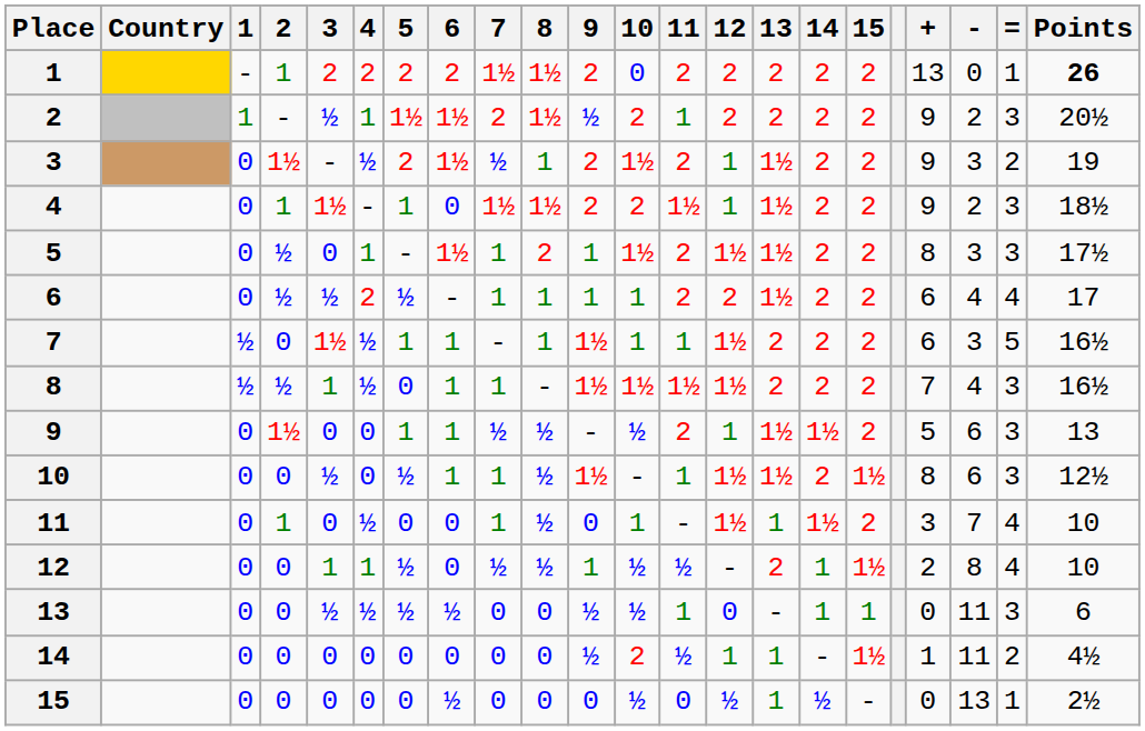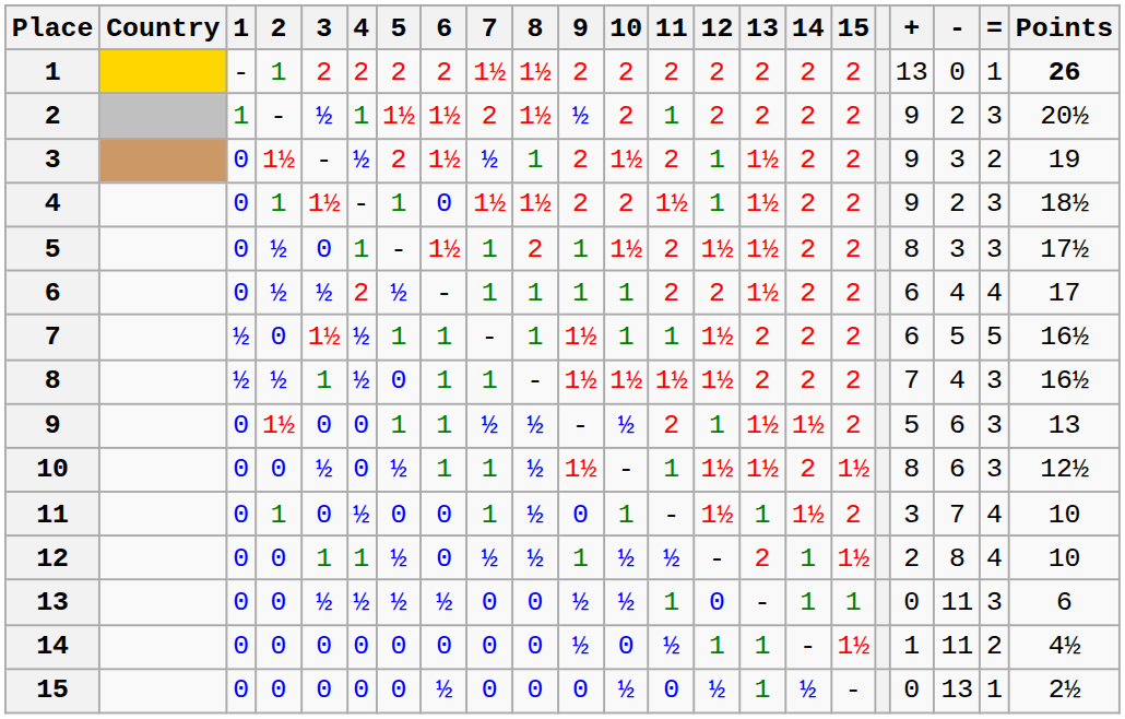 <table class="wikitable" style="text-align:center">
 <tr>
 <th>Place</th>
 <th>Country</th>
 <th>1</th>
 <th>2</th>
 <th>3</th>
 <th>4</th>
 <th>5</th>
 <th>6</th>
 <th>7</th>
 <th>8</th>
 <th>9</th>
 <th>10</th>
 <th>11</th>
 <th>12</th>
 <th>13</th>
 <th>14</th>
 <th>15</th>
 <th></th>
 <th>+</th>
 <th>-</th>
 <th>=</th>
 <th>Points</th>
 </tr>
 <tr>
 <th>1</th>
 <td align=left bgcolor="gold"></td>
 <td>-</td>
 <td style="color: green;">1</td>
 <td style="color: red;">2</td>
 <td style="color: red;">2</td>
 <td style="color: red;">2</td>
 <td style="color: red;">2</td>
 <td style="color: red;">1½</td>
 <td style="color: red;">1½</td>
 <td style="color: red;">2</td>
-<td style="color: blue;">0</td>
+<td style="color: red;">2</td>
 <td style="color: red;">2</td>
 <td style="color: red;">2</td>
 <td style="color: red;">2</td>
 <td style="color: red;">2</td>
 <td style="color: red;">2</td>
 <th></th>
 <td>13</td>
 <td>0</td>
 <td>1</td>
 <td align=center><strong>26</strong></td>
 </tr>
 <tr>
 <th>2</th>
 <td align=left bgcolor="silver"></td>
 <td style="color: green">1</td>
 <td>-</td>
 <td style="color: blue">½</td>
 <td style="color: green">1</td>
 <td style="color: red">1½</td>
 <td style="color: red">1½</td>
 <td style="color: red">2</td>
 <td style="color: red">1½</td>
 <td style="color: blue">½</td>
 <td style="color: red">2</td>
 <td style="color: green">1</td>
 <td style="color: red">2</td>
 <td style="color: red">2</td>
 <td style="color: red">2</td>
 <td style="color: red">2</td>
 <th></th>
 <td>9</td>
 <td>2</td>
 <td>3</td>
 <td align=center>20½</td>
 </tr>
 <tr>
 <th>3</th>
 <td align=left bgcolor="CC9966"></td>
 <td style="color: blue">0</td>
 <td style="color: red">1½</td>
 <td>-</td>
 <td style="color: blue">½</td>
 <td style="color: red">2</td>
 <td style="color: red">1½</td>
 <td style="color: blue">½</td>
 <td style="color: green">1</td>
 <td style="color: red">2</td>
 <td style="color: red">1½</td>
 <td style="color: red">2</td>
 <td style="color: green">1</td>
 <td style="color: red">1½</td>
 <td style="color: red">2</td>
 <td style="color: red">2</td>
 <th></th>
 <td>9</td>
 <td>3</td>
 <td>2</td>
 <td align=center>19</td>
 </tr>
 <tr>
 <th>4</th>
 <td align=left></td>
 <td style="color: blue;">0</td>
 <td style="color: green">1</td>
 <td style="color: red;">1½</td>
 <td>-</td>
 <td style="color: green;">1</td>
 <td style="color: blue">0</td>
 <td style="color: red;">1½</td>
 <td style="color: red;">1½</td>
 <td style="color: red">2</td>
 <td style="color: red;">2</td>
 <td style="color: red;">1½</td>
 <td style="color: green">1</td>
 <td style="color: red;">1½</td>
 <td style="color: red;">2</td>
 <td style="color: red">2</td>
 <th></th>
 <td>9</td>
 <td>2</td>
 <td>3</td>
 <td align=center>18½</td>
 </tr>
 <tr>
 <th>5</th>
 <td align=left></td>
 <td style="color: blue;">0</td>
 <td style="color: blue;">½</td>
 <td style="color: blue;">0</td>
 <td style="color: green;">1</td>
 <td>-</td>
 <td style="color: red;">1½</td>
 <td style="color: green;">1</td>
 <td style="color: red;">2</td>
 <td style="color: green;">1</td>
 <td style="color: red;">1½</td>
 <td style="color: red;">2</td>
 <td style="color: red;">1½</td>
 <td style="color: red;">1½</td>
 <td style="color: red;">2</td>
 <td style="color: red;">2</td>
 <th></th>
 <td>8</td>
 <td>3</td>
 <td>3</td>
 <td align=center>17½</td>
 </tr>
 <tr>
 <th>6</th>
 <td align=left></td>
 <td style="color: blue;">0</td>
 <td style="color: blue;">½</td>
 <td style="color: blue;">½</td>
 <td style="color: red">2</td>
 <td style="color: blue;">½</td>
 <td>-</td>
 <td style="color: green">1</td>
 <td style="color: green;">1</td>
 <td style="color: green;">1</td>
 <td style="color: green;">1</td>
 <td style="color: red;">2</td>
 <td style="color: red;">2</td>
 <td style="color: red;">1½</td>
 <td style="color: red;">2</td>
 <td style="color: red;">2</td>
 <th></th>
 <td>6</td>
 <td>4</td>
 <td>4</td>
 <td align=center>17</td>
 </tr>
 <tr>
 <th>7</th>
 <td align=left></td>
 <td style="color: blue">½</td>
 <td style="color: blue;">0</td>
 <td style="color: red;">1½</td>
 <td style="color: blue;">½</td>
 <td style="color: green;">1</td>
 <td style="color: green">1</td>
 <td>-</td>
 <td style="color: green;">1</td>
 <td style="color: red;">1½</td>
 <td style="color: green;">1</td>
 <td style="color: green;">1</td>
 <td style="color: red;">1½</td>
 <td style="color: red;">2</td>
 <td style="color: red;">2</td>
 <td style="color: red;">2</td>
 <th></th>
 <td>6</td>
-<td>3</td>
+<td>5</td>
 <td>5</td>
 <td align=center>16½</td>
 </tr>
 <tr>
 <th>8</th>
 <td align=left></td>
 <td style="color: blue;">½</td>
 <td style="color: blue;">½</td>
 <td style="color: green;">1</td>
 <td style="color: blue;">½</td>
 <td style="color: blue;">0</td>
 <td style="color: green;">1</td>
 <td style="color: green;">1</td>
 <td>-</td>
 <td style="color: red">1½</td>
 <td style="color: red;">1½</td>
 <td style="color: red;">1½</td>
 <td style="color: red;">1½</td>
 <td style="color: red">2</td>
 <td style="color: red;">2</td>
 <td style="color: red;">2</td>
 <th></th>
 <td>7</td>
 <td>4</td>
 <td>3</td>
 <td align=center>16½</td>
 </tr>
 <tr>
 <th>9</th>
 <td align=left></td>
 <td style="color: blue;">0</td>
 <td style="color: red;">1½</td>
 <td style="color: blue;">0</td>
 <td style="color: blue">0</td>
 <td style="color: green;">1</td>
 <td style="color: green;">1</td>
 <td style="color: blue;">½</td>
 <td style="color: blue">½</td>
 <td>-</td>
 <td style="color: blue;">½</td>
 <td style="color: red;">2</td>
 <td style="color: green;">1</td>
 <td style="color: red;">1½</td>
 <td style="color: red;">1½</td>
 <td style="color: red">2</td>
 <th></th>
 <td>5</td>
 <td>6</td>
 <td>3</td>
 <td align=center>13</td>
 </tr>
 <tr>
 <th>10</th>
 <td align=left></td>
 <td style="color: blue;">0</td>
 <td style="color: blue">0</td>
 <td style="color: blue">½</td>
 <td style="color: blue;">0</td>
 <td style="color: blue;">½</td>
 <td style="color: green;">1</td>
 <td style="color: green;">1</td>
 <td style="color: blue;">½</td>
 <td style="color: red;">1½</td>
 <td>-</td>
 <td style="color: green;">1</td>
 <td style="color: red;">1½</td>
 <td style="color: red">1½</td>
 <td style="color: red;">2</td>
 <td style="color: red;">1½</td>
 <th></th>
 <td>8</td>
 <td>6</td>
 <td>3</td>
 <td align=center>12½</td>
 </tr>
 <tr>
 <th>11</th>
 <td align=left></td>
 <td style="color: blue;">0</td>
 <td style="color: green;">1</td>
 <td style="color: blue;">0</td>
 <td style="color: blue;">½</td>
 <td style="color: blue;">0</td>
 <td style="color: blue;">0</td>
 <td style="color: green;">1</td>
 <td style="color: blue;">½</td>
 <td style="color: blue;">0</td>
 <td style="color: green;">1</td>
 <td>-</td>
 <td style="color: red;">1½</td>
 <td style="color: green;">1</td>
 <td style="color: red;">1½</td>
 <td style="color: red;">2</td>
 <th></th>
 <td>3</td>
 <td>7</td>
 <td>4</td>
 <td align=center>10</td>
 </tr>
 <tr>
 <th>12</th>
 <td align=left></td>
 <td style="color: blue;">0</td>
 <td style="color: blue;">0</td>
 <td style="color: green;">1</td>
 <td style="color: green">1</td>
 <td style="color: blue;">½</td>
 <td style="color: blue;">0</td>
 <td style="color: blue;">½</td>
 <td style="color: blue;">½</td>
 <td style="color: green;">1</td>
 <td style="color: blue;">½</td>
 <td style="color: blue;">½</td>
 <td>-</td>
 <td style="color: red;">2</td>
 <td style="color: green">1</td>
 <td style="color: red;">1½</td>
 <th></th>
 <td>2</td>
 <td>8</td>
 <td>4</td>
 <td align=center>10</td>
 </tr>
 <tr>
 <th>13</th>
 <td align=left></td>
 <td style="color: blue;">0</td>
 <td style="color: blue;">0</td>
 <td style="color: blue;">½</td>
 <td style="color: blue;">½</td>
 <td style="color: blue;">½</td>
 <td style="color: blue;">½</td>
 <td style="color: blue;">0</td>
 <td style="color: blue">0</td>
 <td style="color: blue;">½</td>
 <td style="color: blue">½</td>
 <td style="color: green;">1</td>
 <td style="color: blue;">0</td>
 <td>-</td>
 <td style="color: green;">1</td>
 <td style="color: green;">1</td>
 <th></th>
 <td>0</td>
 <td>11</td>
 <td>3</td>
 <td align=center>6</td>
 </tr>
 <tr>
 <th>14</th>
 <td align=left></td>
 <td style="color: blue;">0</td>
 <td style="color: blue;">0</td>
 <td style="color: blue">0</td>
 <td style="color: blue;">0</td>
 <td style="color: blue;">0</td>
 <td style="color: blue;">0</td>
 <td style="color: blue;">0</td>
 <td style="color: blue;">0</td>
 <td style="color: blue;">½</td>
-<td style="color: red;">2</td>
+<td style="color: blue;">0</td>
 <td style="color: blue;">½</td>
 <td style="color: green">1</td>
 <td style="color: green;">1</td>
 <td>-</td>
 <td style="color: red;">1½</td>
 <th></th>
 <td>1</td>
 <td>11</td>
 <td>2</td>
 <td align=center>4½</td>
 </tr>
 <tr>
 <th>15</th>
 <td align=left></td>
 <td style="color: blue;">0</td>
 <td style="color: blue">0</td>
 <td style="color: blue;">0</td>
 <td style="color: blue">0</td>
 <td style="color: blue;">0</td>
 <td style="color: blue;">½</td>
 <td style="color: blue;">0</td>
 <td style="color: blue;">0</td>
 <td style="color: blue">0</td>
 <td style="color: blue;">½</td>
 <td style="color: blue;">0</td>
 <td style="color: blue;">½</td>
 <td style="color: green;">1</td>
 <td style="color: blue;">½</td>
 <td>-</td>
 <th></th>
 <td>0</td>
 <td>13</td>
 <td>1</td>
 <td align=center>2½</td>
 </tr>
 </table>
